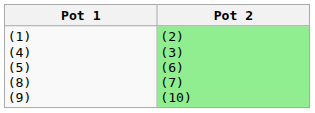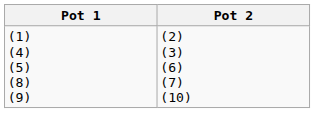 <table class="wikitable">
 <tr>
 <th width=15%>Pot 1</th>
 <th width=15%>Pot 2</th>
 </tr>
 <tr>
 <td> (1)  <br> (4) <br> (5) <br> (8) <br> (9)</td>
-<td style="background: lightgreen;"> (2) <br> (3) <br> (6) <br> (7) <br> (10)</td>
+<td> (2) <br> (3) <br> (6) <br> (7) <br> (10)</td>
 </tr>
 </table>
